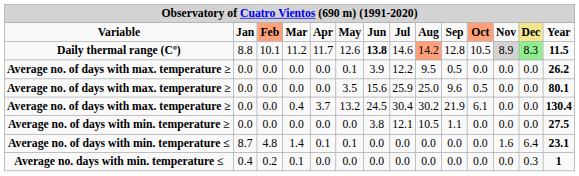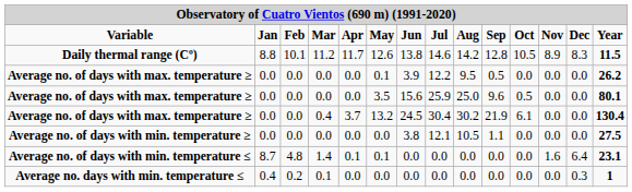 <table class="wikitable" style="text-align:center">
 <tr bgcolor="lightgrey">
 <td colspan="14"><strong>Observatory of <a href='#'>Cuatro Vientos</a> (690 m) (1991-2020)</strong></td>
 </tr>
 <tr>
 <td><strong>Variable</strong></td>
 <td><strong>Jan</strong></td>
-<td style="background: lightsalmon;"><strong>Feb</strong></td>
+<td><strong>Feb</strong></td>
 <td><strong>Mar</strong></td>
 <td><strong>Apr</strong></td>
 <td><strong>May</strong></td>
 <td><strong>Jun</strong></td>
 <td><strong>Jul</strong></td>
 <td><strong>Aug</strong></td>
 <td><strong>Sep</strong></td>
-<td style="background: lightsalmon;"><strong>Oct</strong></td>
+<td><strong>Oct</strong></td>
 <td><strong>Nov</strong></td>
-<td style="background: khaki;"><strong>Dec</strong></td>
+<td><strong>Dec</strong></td>
 <td><strong>Year</strong></td>
 </tr>
 <tr>
 <td><strong>Daily thermal range (Cº)</strong></td>
 <td>8.8</td>
 <td>10.1</td>
 <td>11.2</td>
 <td>11.7</td>
 <td>12.6</td>
-<td><strong>13.8</strong></td>
+<td>13.8</td>
 <td>14.6</td>
-<td style="background: lightsalmon;">14.2</td>
+<td>14.2</td>
 <td>12.8</td>
 <td>10.5</td>
-<td style="background: lightgrey;">8.9</td>
-<td style="background: lightgreen;">8.3</td>
+<td>8.9</td>
+<td>8.3</td>
 <td><strong>11.5</strong></td>
 </tr>
 <tr>
 <td><strong>Average no. of days with max. temperature ≥ </strong></td>
 <td>0.0</td>
 <td>0.0</td>
 <td>0.0</td>
 <td>0.0</td>
 <td>0.1</td>
 <td>3.9</td>
 <td>12.2</td>
 <td>9.5</td>
 <td>0.5</td>
 <td>0.0</td>
 <td>0.0</td>
 <td>0.0</td>
 <td><strong>26.2</strong></td>
 </tr>
 <tr>
 <td><strong>Average no. of days with max. temperature ≥ </strong></td>
 <td>0.0</td>
 <td>0.0</td>
 <td>0.0</td>
 <td>0.0</td>
 <td>3.5</td>
 <td>15.6</td>
 <td>25.9</td>
 <td>25.0</td>
 <td>9.6</td>
 <td>0.5</td>
 <td>0.0</td>
 <td>0.0</td>
 <td><strong>80.1</strong></td>
 </tr>
 <tr>
 <td><strong>Average no. of days with max. temperature ≥ </strong></td>
 <td>0.0</td>
 <td>0.0</td>
 <td>0.4</td>
 <td>3.7</td>
 <td>13.2</td>
 <td>24.5</td>
 <td>30.4</td>
 <td>30.2</td>
 <td>21.9</td>
 <td>6.1</td>
 <td>0.0</td>
 <td>0.0</td>
 <td><strong>130.4</strong></td>
 </tr>
 <tr>
 <td><strong>Average no. of days with min. temperature ≥ </strong></td>
 <td>0.0</td>
 <td>0.0</td>
 <td>0.0</td>
 <td>0.0</td>
 <td>0.0</td>
 <td>3.8</td>
 <td>12.1</td>
 <td>10.5</td>
 <td>1.1</td>
 <td>0.0</td>
 <td>0.0</td>
 <td>0.0</td>
 <td><strong>27.5</strong></td>
 </tr>
 <tr>
 <td><strong>Average no. of days with min. temperature ≤ </strong></td>
 <td>8.7</td>
 <td>4.8</td>
 <td>1.4</td>
 <td>0.1</td>
 <td>0.1</td>
 <td>0.0</td>
 <td>0.0</td>
 <td>0.0</td>
 <td>0.0</td>
 <td>0.0</td>
 <td>1.6</td>
 <td>6.4</td>
 <td><strong>23.1</strong></td>
 </tr>
 <tr>
 <td><strong>Average no. days with min. temperature ≤ </strong></td>
 <td>0.4</td>
 <td>0.2</td>
 <td>0.1</td>
 <td>0.0</td>
 <td>0.0</td>
 <td>0.0</td>
 <td>0.0</td>
 <td>0.0</td>
 <td>0.0</td>
 <td>0.0</td>
 <td>0.0</td>
 <td>0.3</td>
 <td><strong>1</strong></td>
 </tr>
 </table>
